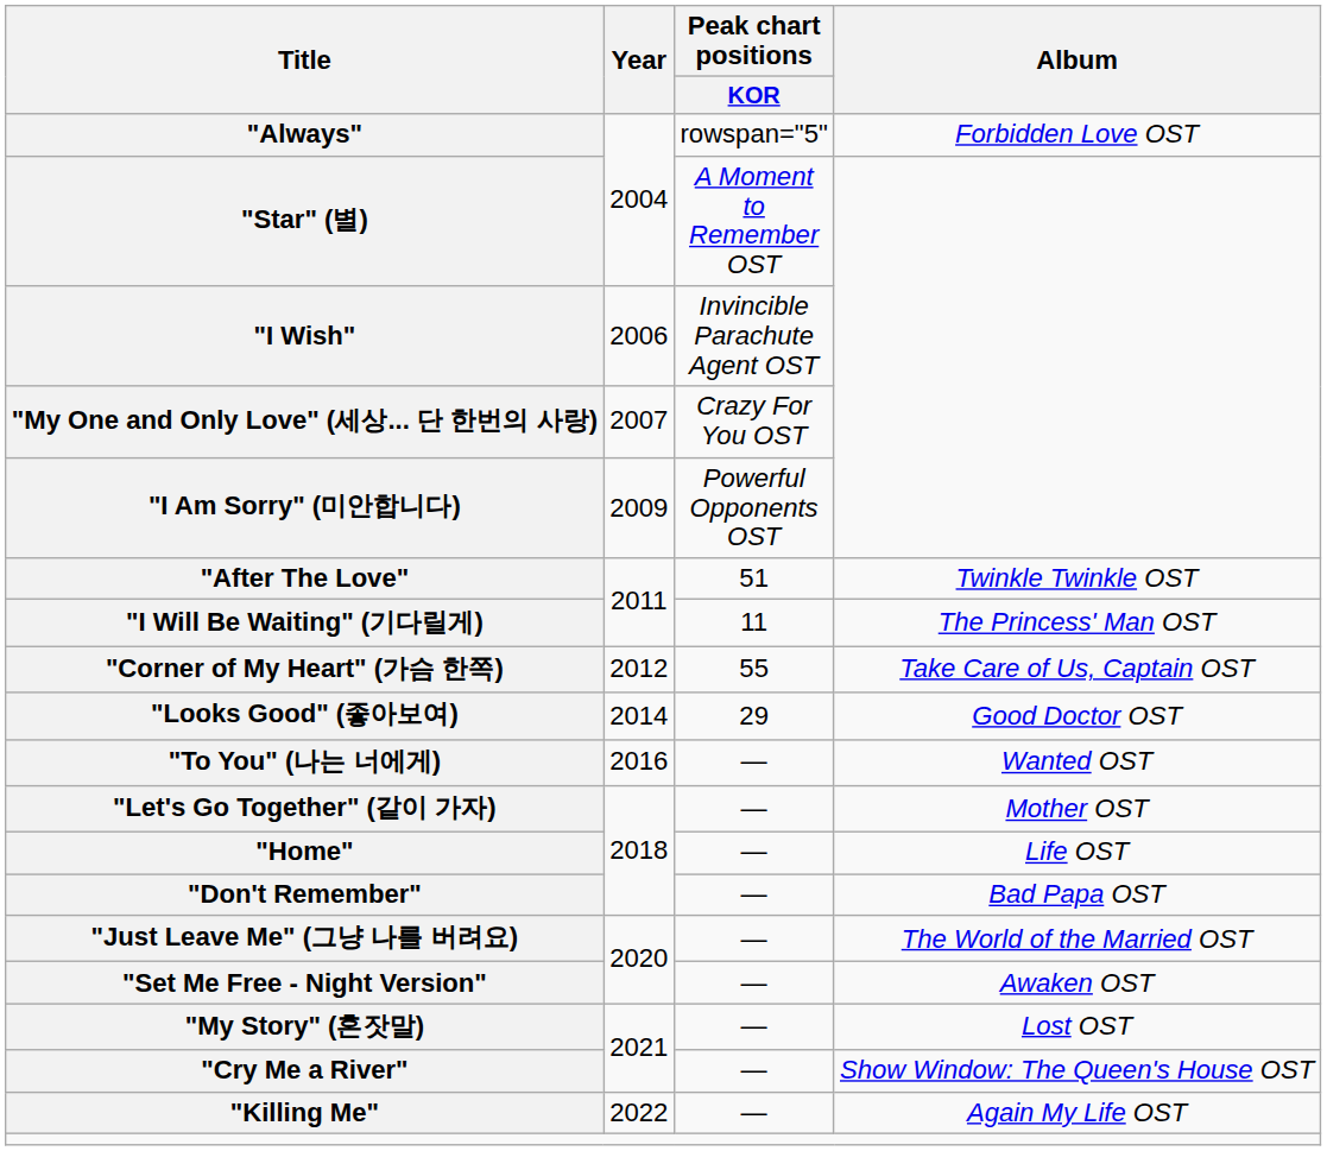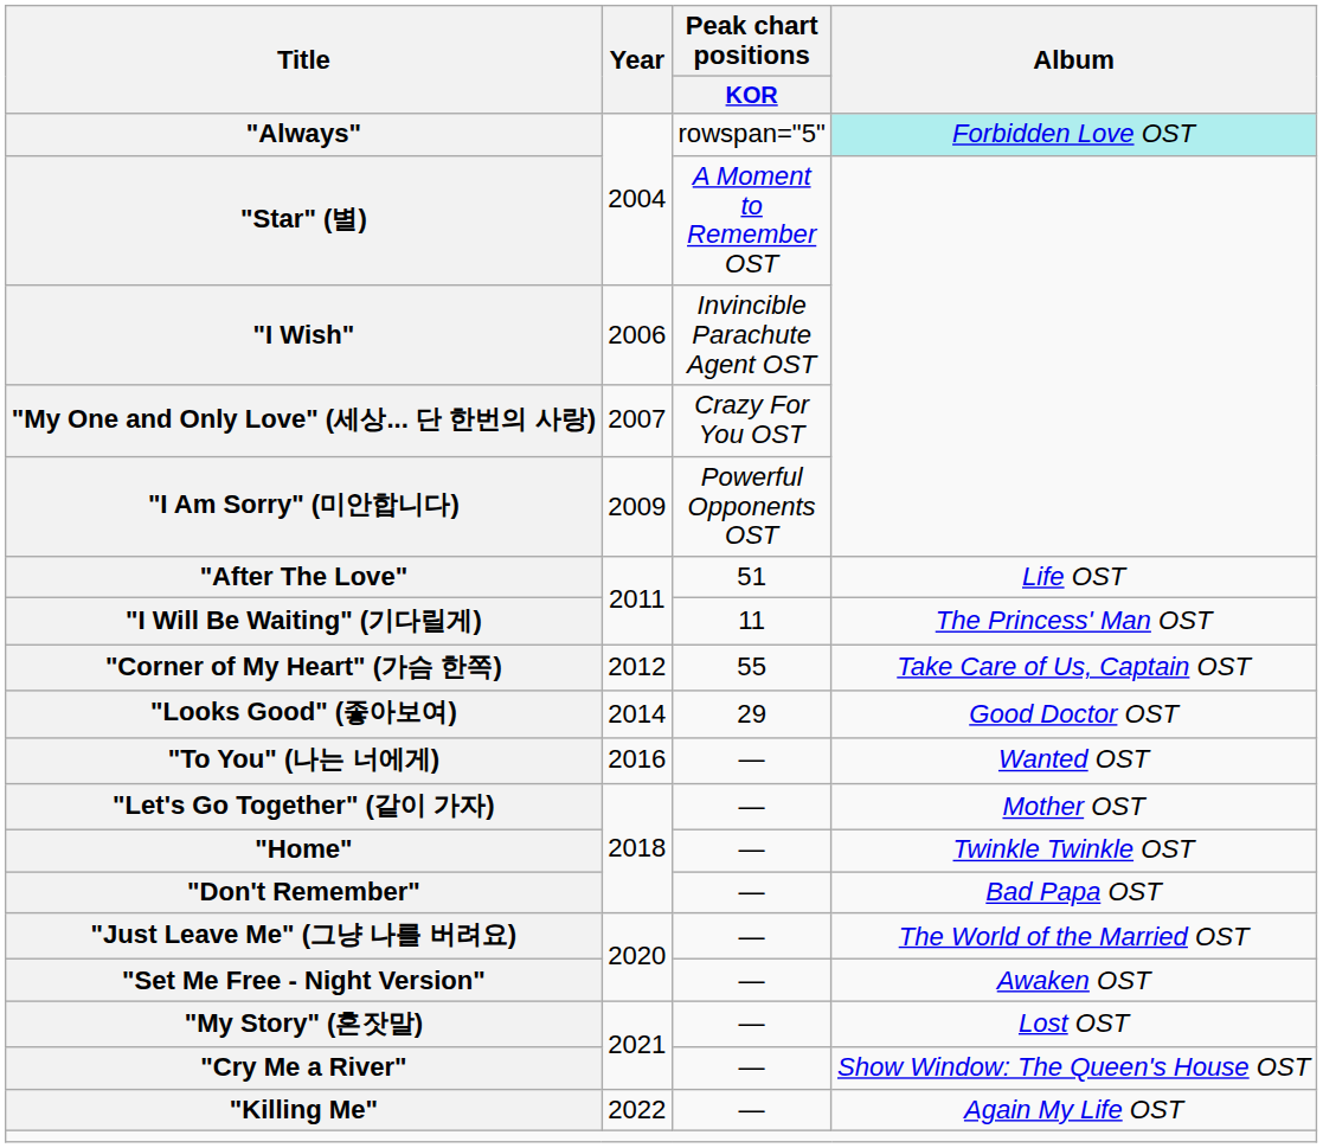 <table class="wikitable plainrowheaders" style="text-align:center;">
 <tr>
 <th rowspan="2" scope="col">Title</th>
 <th rowspan="2" scope="col">Year</th>
 <th colspan="1" scope="col">Peak chart positions</th>
 <th rowspan="2" scope="col">Album</th>
 </tr>
 <tr>
 <th scope="col" style="width:2.5em;font-size:90%;"><a href='#'>KOR</a><br></th>
 </tr>
 <tr>
 <th scope="row">"Always"</th>
 <td rowspan="2">2004</td>
 <td>rowspan="5" </td>
-<td><em><a href='#'>Forbidden Love</a> OST</em></td>
+<td style="background: paleturquoise;"><em><a href='#'>Forbidden Love</a> OST</em></td>
 </tr>
 <tr>
 <th scope="row">"Star" (별) </th>
 <td><em><a href='#'>A Moment to Remember</a> OST</em></td>
 </tr>
 <tr>
 <th scope="row">"I Wish"</th>
 <td>2006</td>
 <td><em>Invincible Parachute Agent OST</em></td>
 </tr>
 <tr>
 <th scope="row">"My One and Only Love" (세상... 단 한번의 사랑)</th>
 <td>2007</td>
 <td><em>Crazy For You OST</em></td>
 </tr>
 <tr>
 <th scope="row">"I Am Sorry" (미안합니다)</th>
 <td>2009</td>
 <td><em>Powerful Opponents OST</em></td>
 </tr>
 <tr>
 <th scope="row">"After The Love"</th>
 <td rowspan="2">2011</td>
 <td>51</td>
-<td><em><a href='#'>Twinkle Twinkle</a> OST</em></td>
+<td><em><a href='#'>Life</a> OST</em></td>
 </tr>
 <tr>
 <th scope="row">"I Will Be Waiting" (기다릴게) </th>
 <td>11</td>
 <td><em><a href='#'>The Princess' Man</a> OST</em></td>
 </tr>
 <tr>
 <th scope="row">"Corner of My Heart" (가슴 한쪽)</th>
 <td>2012</td>
 <td>55</td>
 <td><em><a href='#'>Take Care of Us, Captain</a> OST</em></td>
 </tr>
 <tr>
 <th scope="row">"Looks Good" (좋아보여)</th>
 <td>2014</td>
 <td>29</td>
 <td><em><a href='#'>Good Doctor</a> OST</em></td>
 </tr>
 <tr>
 <th scope="row">"To You" (나는 너에게)</th>
 <td>2016</td>
 <td>—</td>
 <td><em><a href='#'>Wanted</a> OST</em></td>
 </tr>
 <tr>
 <th scope="row">"Let's Go Together" (같이 가자)</th>
 <td rowspan="3">2018</td>
 <td>—</td>
 <td><em><a href='#'>Mother</a> OST</em></td>
 </tr>
 <tr>
 <th scope="row">"Home"</th>
 <td>—</td>
-<td><em><a href='#'>Life</a> OST</em></td>
+<td><em><a href='#'>Twinkle Twinkle</a> OST</em></td>
 </tr>
 <tr>
 <th scope="row">"Don't Remember"</th>
 <td>—</td>
 <td><em><a href='#'>Bad Papa</a> OST</em></td>
 </tr>
 <tr>
 <th scope="row">"Just Leave Me" (그냥 나를 버려요)</th>
 <td rowspan="2">2020</td>
 <td>—</td>
 <td><em><a href='#'>The World of the Married</a> OST</em></td>
 </tr>
 <tr>
 <th scope="row">"Set Me Free - Night Version"</th>
 <td>—</td>
 <td><em><a href='#'>Awaken</a> OST</em></td>
 </tr>
 <tr>
 <th scope="row">"My Story" (혼잣말)</th>
 <td rowspan="2">2021</td>
 <td>—</td>
 <td><em><a href='#'>Lost</a> OST</em></td>
 </tr>
 <tr>
 <th scope="row">"Cry Me a River"</th>
 <td>—</td>
 <td><em><a href='#'>Show Window: The Queen's House</a> OST</em></td>
 </tr>
 <tr>
 <th scope="row">"Killing Me"</th>
 <td>2022</td>
 <td>—</td>
 <td><em><a href='#'>Again My Life</a> OST</em></td>
 </tr>
 <tr>
 <td colspan="4"></td>
 </tr>
 </table>
